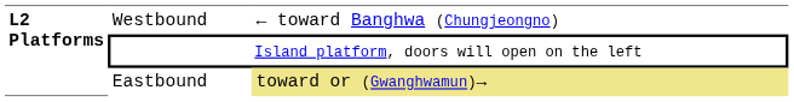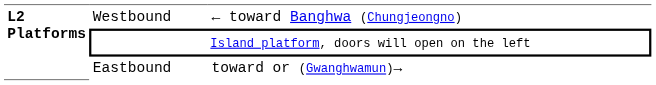 <table table border=0 cellspacing=0 cellpadding=3>
 <tr>
 <td style="border-top:solid 1px gray;border-bottom:solid 1px gray;" width=50 rowspan=10 valign=top><strong>L2<br>Platforms</strong></td>
 <td style="border-bottom:solid 0px gray;border-top:solid 1px gray;" width=100>Westbound</td>
 <td style="border-bottom:solid 0px gray;border-top:solid 1px gray;" width=390>←  toward <a href='#'>Banghwa</a> <small>(<a href='#'>Chungjeongno</a>)</small></td>
 </tr>
 <tr>
 <td style="border-top:solid 2px black;border-right:solid 2px black;border-left:solid 2px black;border-bottom:solid 2px black;text-align:center;" colspan=2><small><a href='#'>Island platform</a>, doors will open on the left</small></td>
 </tr>
 <tr>
 <td>Eastbound</td>
-<td style="background: khaki;">  toward  or  <small>(<a href='#'>Gwanghwamun</a>)</small>→</td>
+<td>  toward  or  <small>(<a href='#'>Gwanghwamun</a>)</small>→</td>
 </tr>
 </table>
